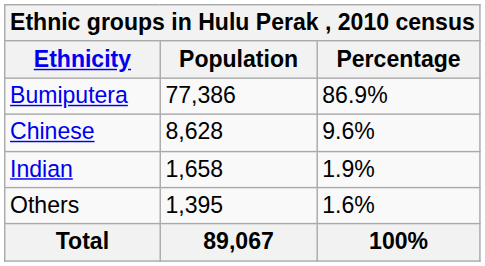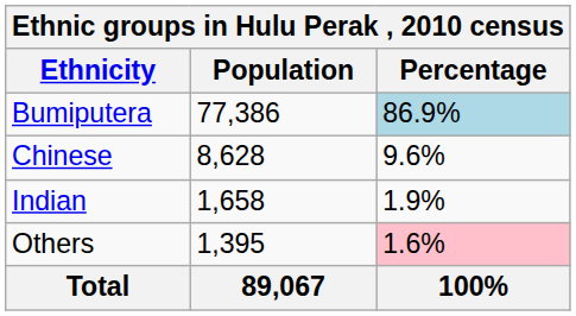 <table class="wikitable">
 <tr>
 <th style="text-align:center;" colspan="3">Ethnic groups in Hulu Perak , 2010 census</th>
 </tr>
 <tr>
 <th><a href='#'>Ethnicity</a></th>
 <th>Population</th>
 <th>Percentage</th>
 </tr>
 <tr>
 <td><a href='#'>Bumiputera</a></td>
 <td>77,386</td>
-<td>86.9%</td>
+<td style="background: lightblue;">86.9%</td>
 </tr>
 <tr>
 <td><a href='#'>Chinese</a></td>
 <td>8,628</td>
 <td>9.6%</td>
 </tr>
 <tr>
 <td><a href='#'>Indian</a></td>
 <td>1,658</td>
 <td>1.9%</td>
 </tr>
 <tr>
 <td>Others</td>
 <td>1,395</td>
-<td>1.6%</td>
+<td style="background: pink;">1.6%</td>
 </tr>
 <tr>
 <th>Total</th>
 <th>89,067</th>
 <th>100%</th>
 </tr>
 </table>
